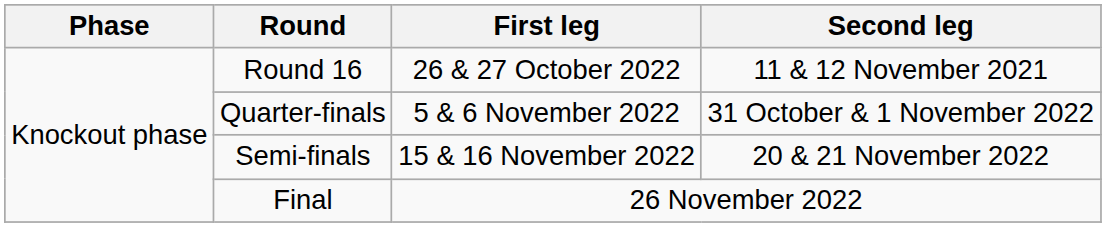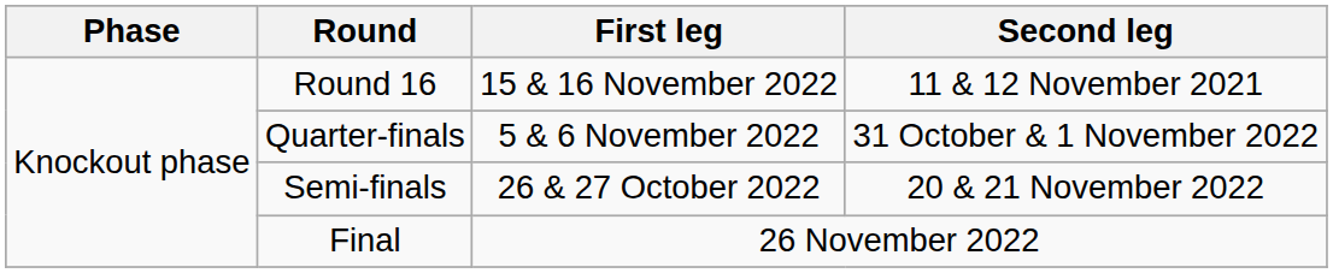 <table class="wikitable" style="text-align:center">
 <tr>
 <th>Phase</th>
 <th>Round</th>
 <th>First leg</th>
 <th>Second leg</th>
 </tr>
 <tr>
 <td rowspan=4>Knockout phase</td>
 <td>Round 16</td>
-<td>26 & 27 October 2022</td>
+<td>15 & 16 November 2022</td>
 <td>11 & 12 November 2021</td>
 </tr>
 <tr>
 <td>Quarter-finals</td>
 <td>5 & 6 November 2022</td>
 <td>31 October & 1 November 2022</td>
 </tr>
 <tr>
 <td>Semi-finals</td>
-<td>15 & 16 November 2022</td>
+<td>26 & 27 October 2022</td>
 <td>20 & 21 November 2022</td>
 </tr>
 <tr>
 <td>Final</td>
 <td colspan=2>26 November 2022</td>
 </tr>
 </table>
